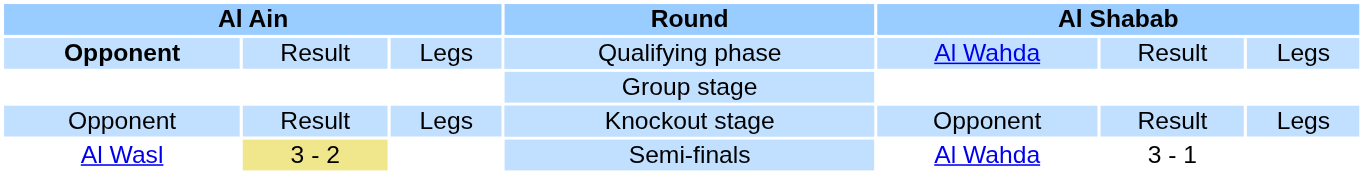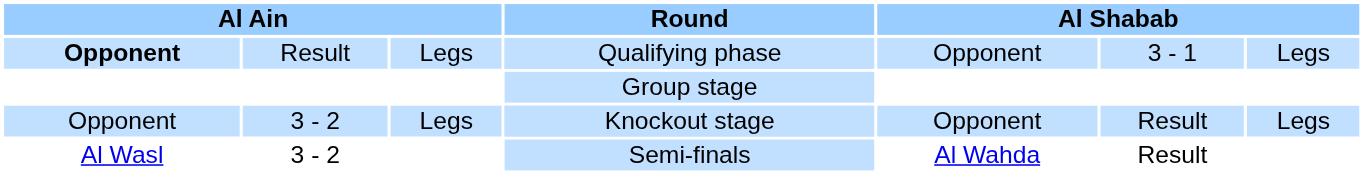 <table width="100%" style="text-align:center">
 <tr valign=top bgcolor=#99ccff>
 <th colspan=3 style="width:1*">Al Ain</th>
 <th>Round</th>
 <th colspan=3 style="width:1*">Al Shabab</th>
 </tr>
 <tr valign=top bgcolor=#c1e0ff>
 <td><strong>Opponent</strong></td>
 <td>Result</td>
 <td>Legs</td>
 <td bgcolor=#c1e0ff>Qualifying phase</td>
-<td><a href='#'>Al Wahda</a></td>
-<td>Result</td>
+<td>Opponent</td>
+<td>3 - 1</td>
 <td>Legs</td>
 </tr>
 <tr>
 <td colspan="3" align=center><br> </td>
 <td bgcolor=#c1e0ff>Group stage</td>
 <td colspan=3 align=center><br> </td>
 </tr>
 <tr valign=top bgcolor=#c1e0ff>
 <td>Opponent</td>
-<td>Result</td>
+<td>3 - 2</td>
 <td>Legs</td>
 <td bgcolor=#c1e0ff>Knockout stage</td>
 <td>Opponent</td>
 <td>Result</td>
 <td>Legs</td>
 </tr>
 <tr>
 <td><a href='#'>Al Wasl</a></td>
-<td style="background: khaki;">3 - 2</td>
+<td>3 - 2</td>
 <td></td>
 <td bgcolor=#c1e0ff>Semi-finals</td>
 <td><a href='#'>Al Wahda</a></td>
-<td>3 - 1</td>
+<td>Result</td>
 <td></td>
 </tr>
 </table>
